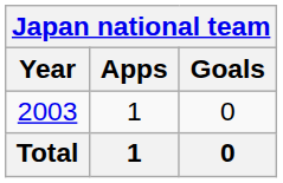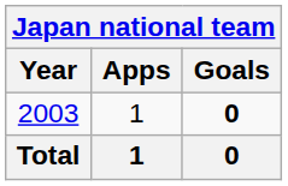 <table class="wikitable" style="text-align:center">
 <tr>
 <th colspan=3><a href='#'>Japan national team</a></th>
 </tr>
 <tr>
 <th>Year</th>
 <th>Apps</th>
 <th>Goals</th>
 </tr>
 <tr>
 <td><a href='#'>2003</a></td>
 <td>1</td>
-<td>0</td>
+<td><strong>0</strong></td>
 </tr>
 <tr>
 <th>Total</th>
 <th>1</th>
 <th>0</th>
 </tr>
 </table>
